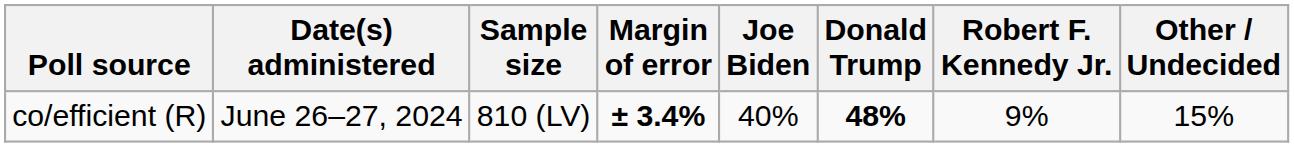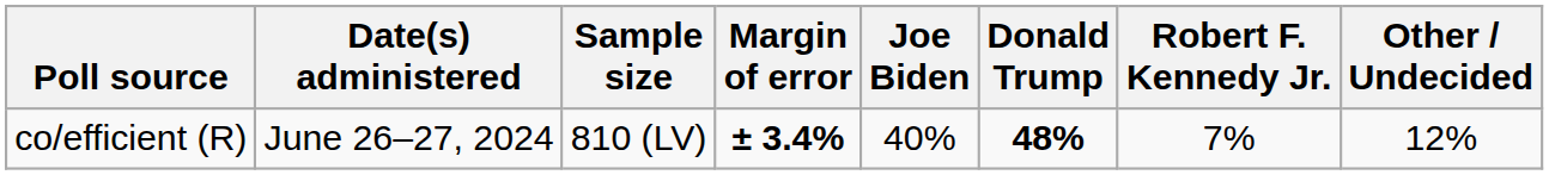 <table class="wikitable sortable mw-datatable" style="font-size:90%;text-align:center;line-height:17px">
 <tr valign=bottom>
 <th>Poll source</th>
 <th>Date(s)<br>administered</th>
 <th>Sample<br>size</th>
 <th>Margin<br>of error</th>
 <th class="unsortable">Joe<br>Biden<br></th>
 <th class="unsortable">Donald<br>Trump<br></th>
 <th class="unsortable">Robert F.<br>Kennedy Jr.<br></th>
 <th class="unsortable">Other /<br>Undecided</th>
 </tr>
 <tr>
 <td style="text-align:left;">co/efficient (R)</td>
 <td data-sort-value="2024-06-28">June 26–27, 2024</td>
 <td>810 (LV)</td>
 <td><strong>± 3.4%</strong></td>
 <td>40%</td>
 <td style="background-color:"><strong>48%</strong></td>
-<td>9%</td>
-<td>15%</td>
+<td>7%</td>
+<td>12%</td>
 </tr>
 </table>
